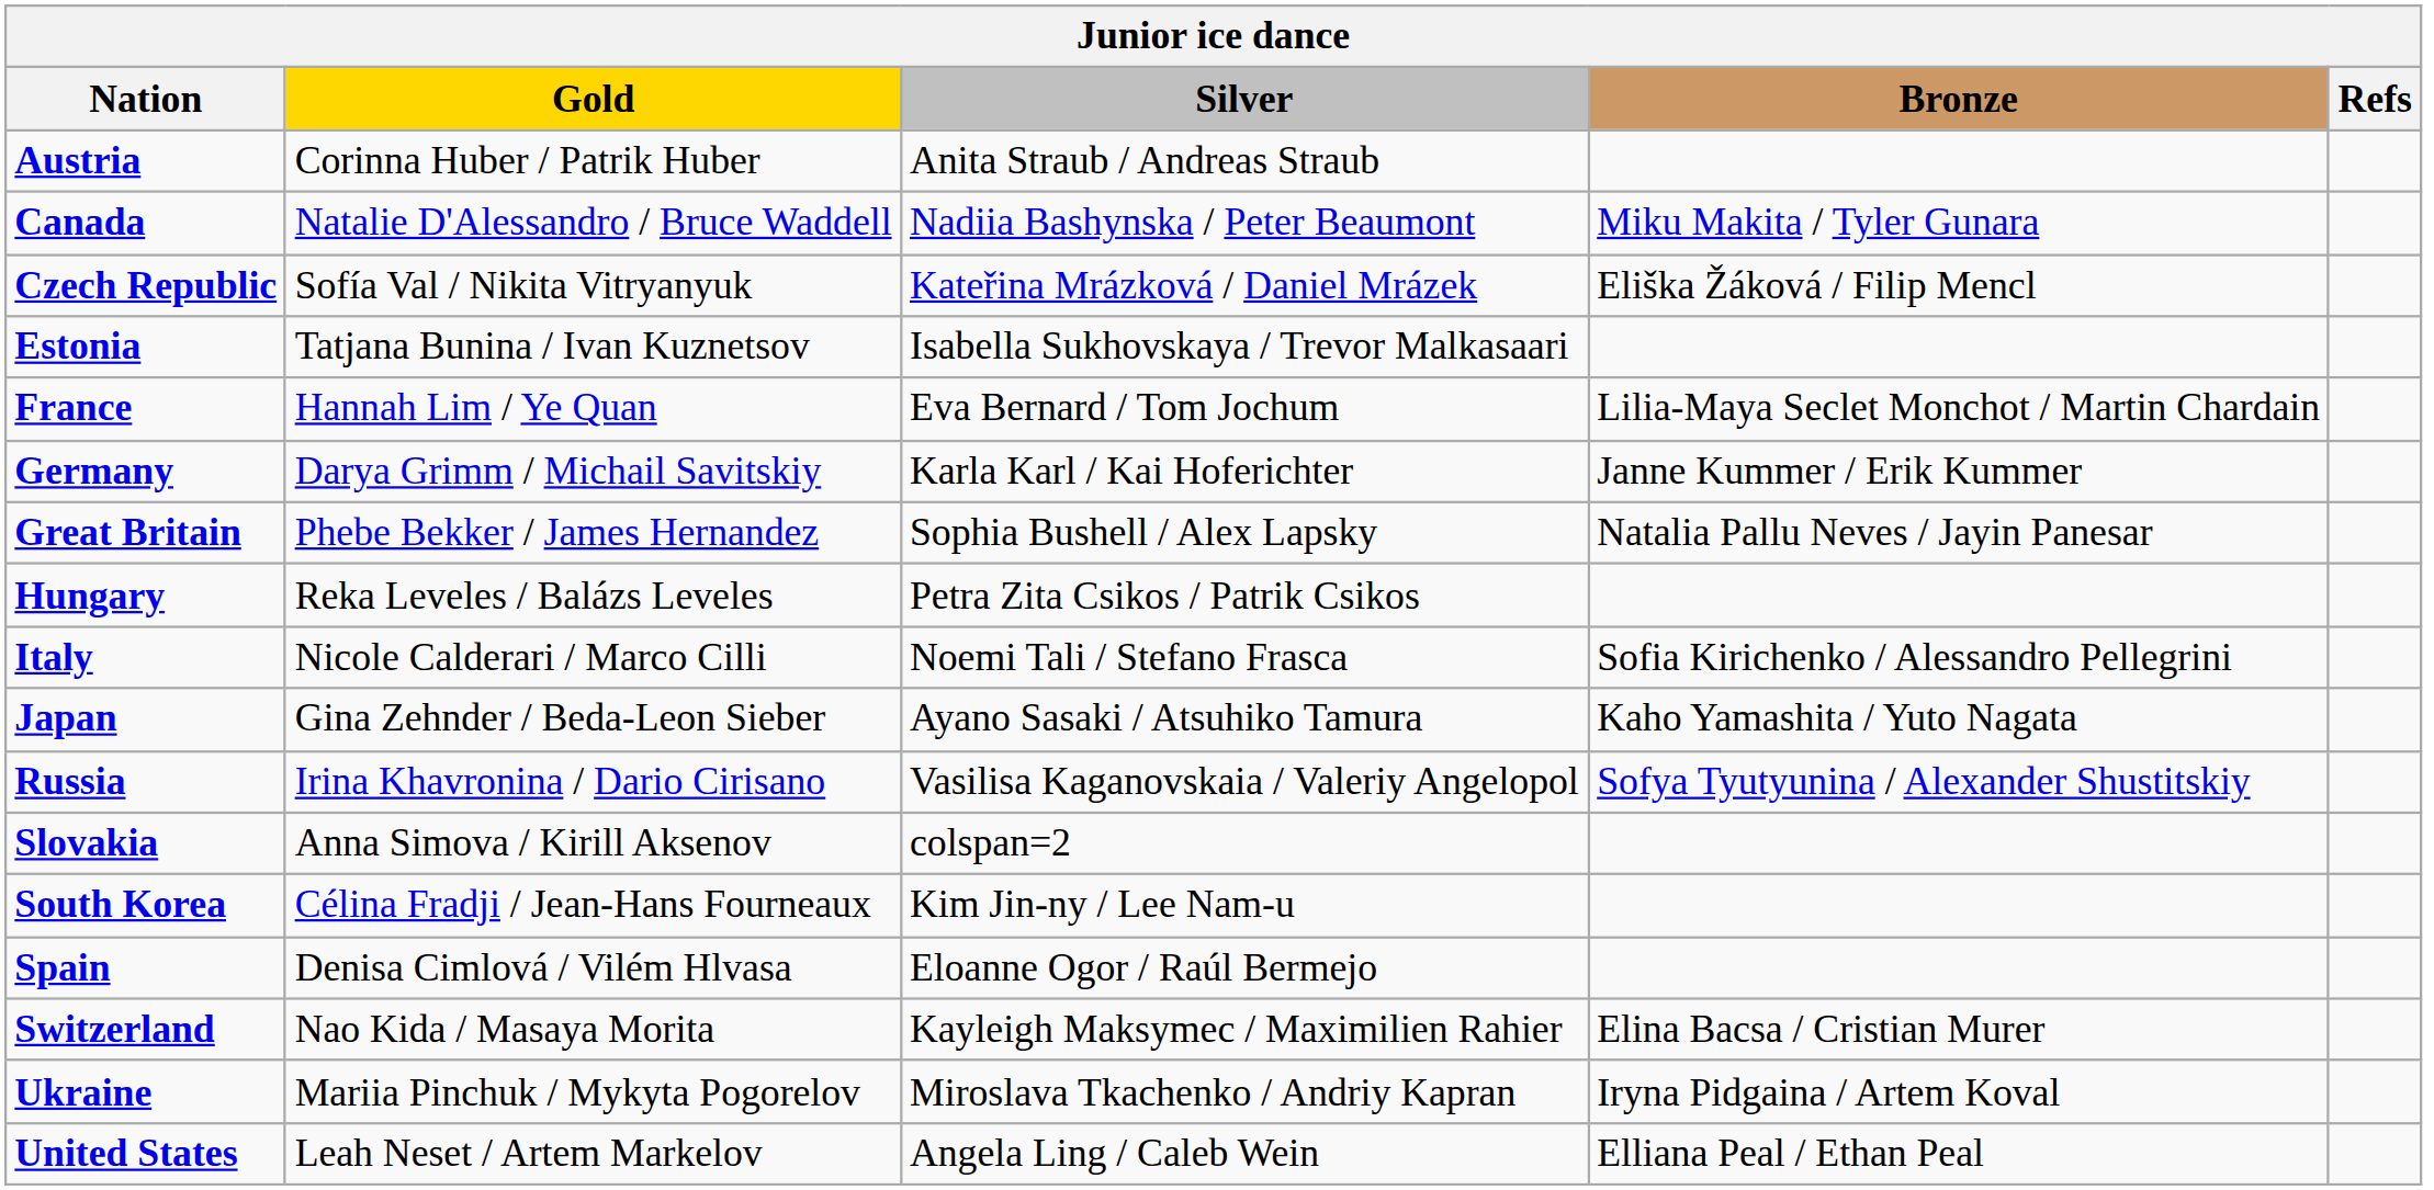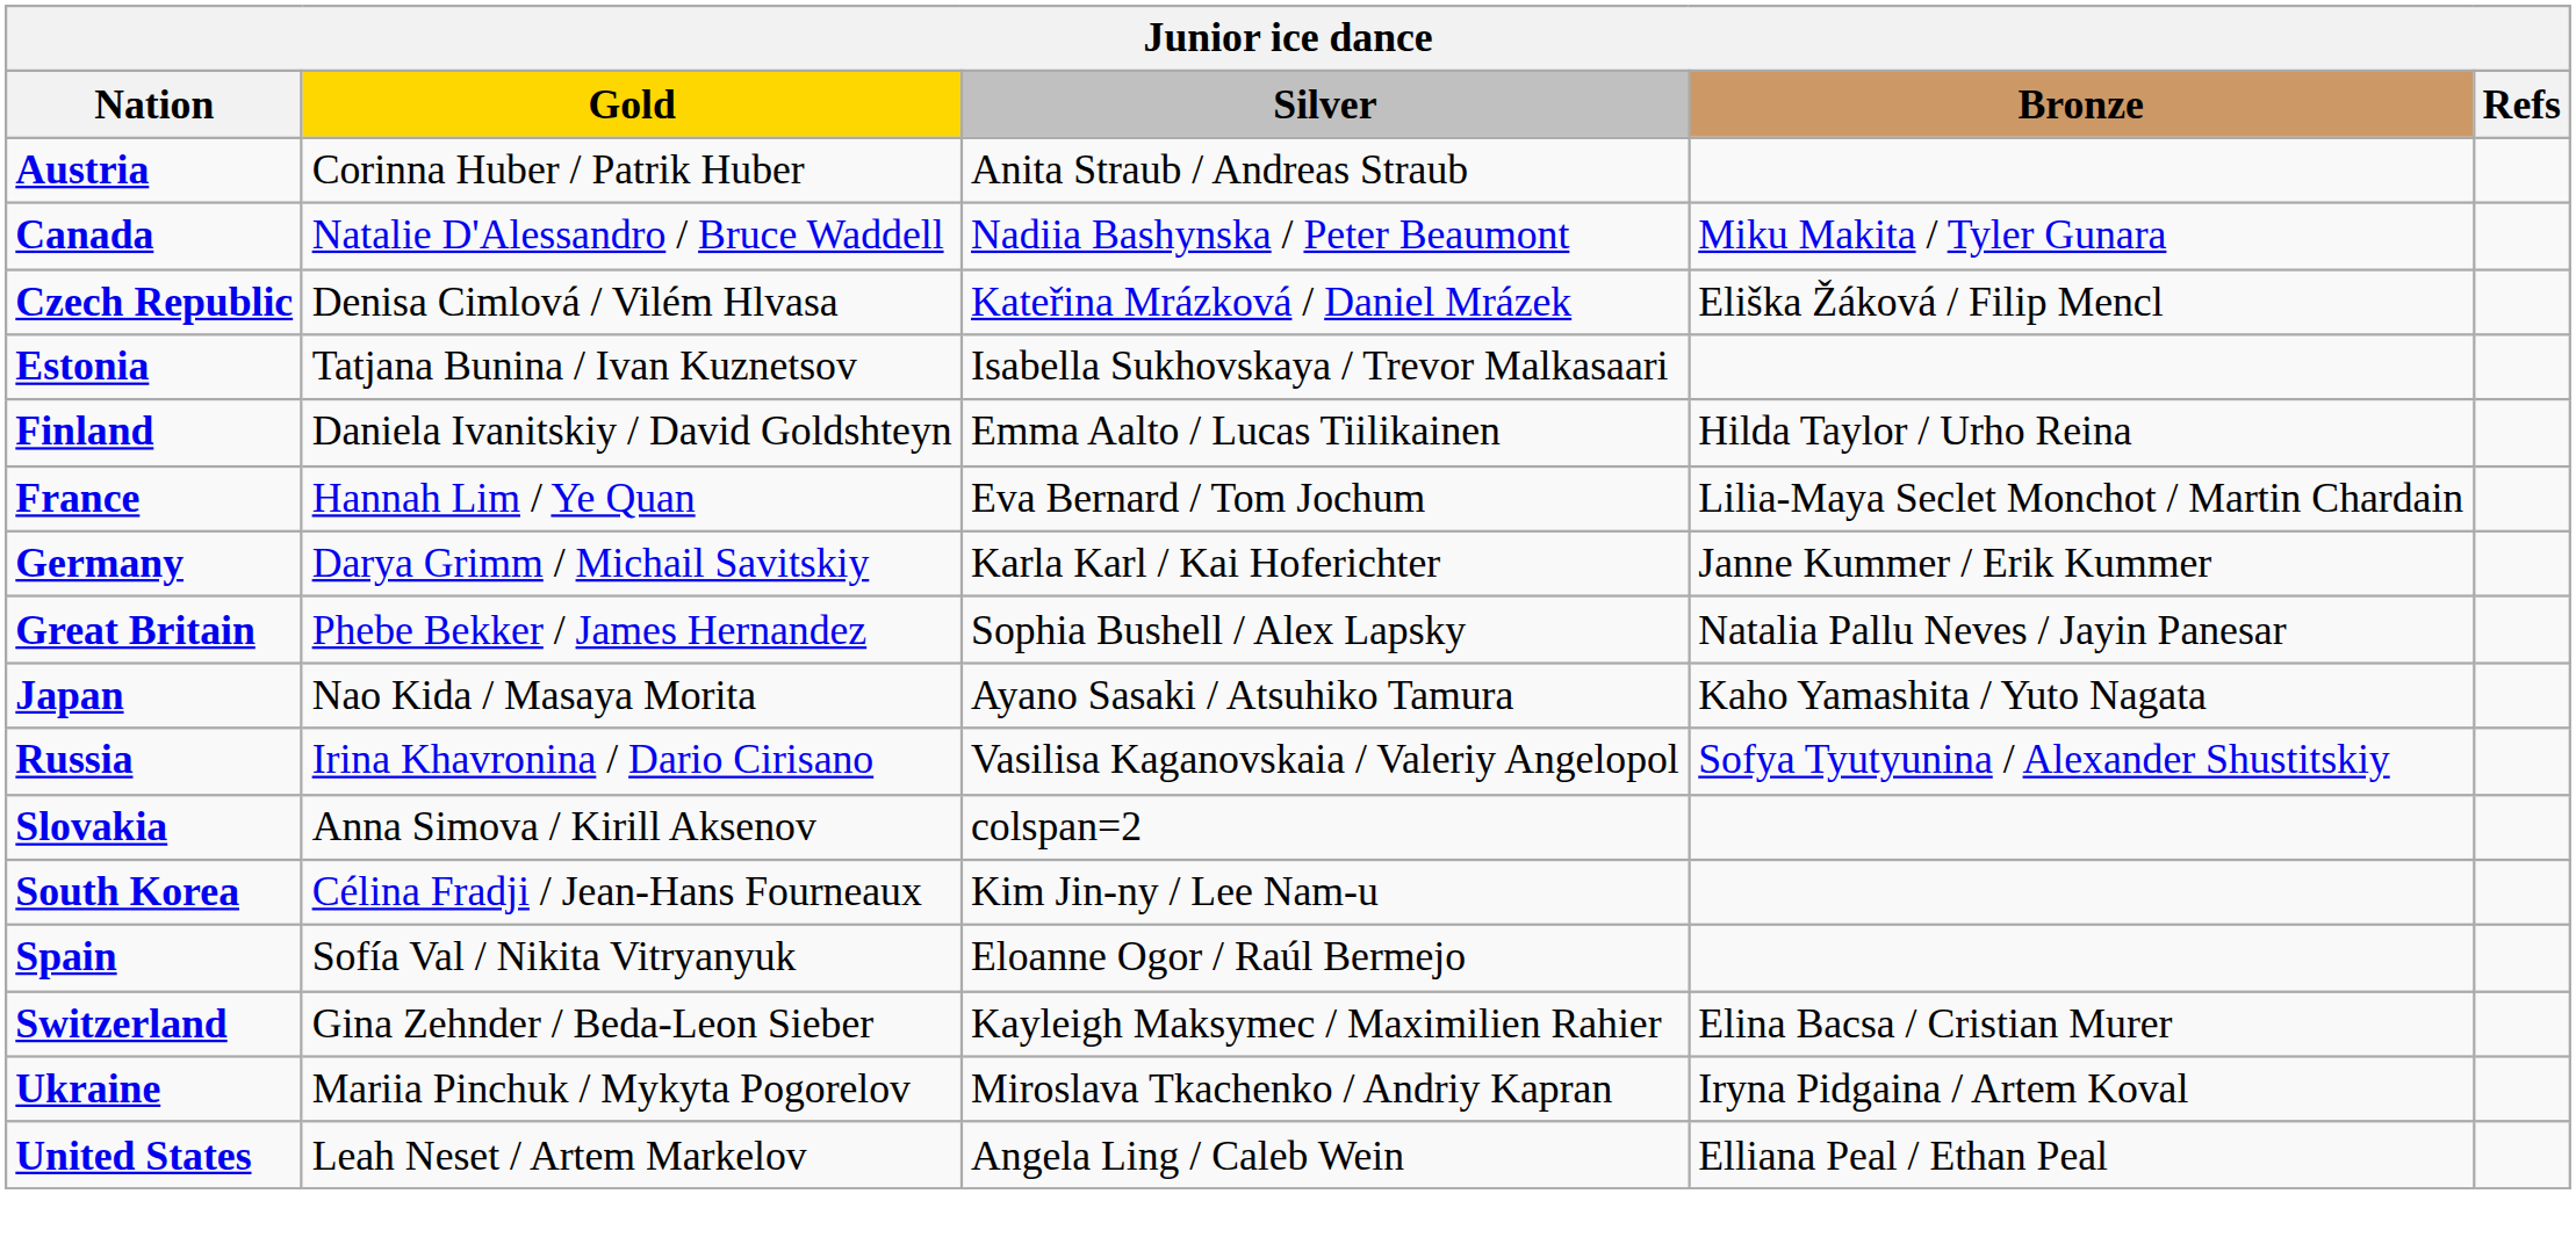 <table class="wikitable">
 <tr>
 <th colspan=5>Junior ice dance</th>
 </tr>
 <tr>
 <th>Nation</th>
 <td style="text-align:center; background:gold;"><strong>Gold</strong></td>
 <td style="text-align:center; background:silver;"><strong>Silver</strong></td>
 <td style="text-align:center; background:#c96;"><strong>Bronze</strong></td>
 <th>Refs</th>
 </tr>
 <tr>
 <td><strong> <a href='#'>Austria</a></strong></td>
 <td>Corinna Huber / Patrik Huber</td>
 <td>Anita Straub / Andreas Straub</td>
 <td></td>
 <td></td>
 </tr>
 <tr>
 <td><strong> <a href='#'>Canada</a></strong></td>
 <td><a href='#'>Natalie D'Alessandro</a> / <a href='#'>Bruce Waddell</a></td>
 <td><a href='#'>Nadiia Bashynska</a> / <a href='#'>Peter Beaumont</a></td>
 <td><a href='#'>Miku Makita</a> / <a href='#'>Tyler Gunara</a></td>
 <td></td>
 </tr>
 <tr>
 <td><strong> <a href='#'>Czech Republic</a></strong></td>
-<td>Sofía Val / Nikita Vitryanyuk</td>
+<td>Denisa Cimlová / Vilém Hlvasa</td>
 <td><a href='#'>Kateřina Mrázková</a> / <a href='#'>Daniel Mrázek</a></td>
 <td>Eliška Žáková / Filip Mencl</td>
 <td></td>
 </tr>
 <tr>
 <td><strong> <a href='#'>Estonia</a></strong></td>
 <td>Tatjana Bunina / Ivan Kuznetsov</td>
 <td>Isabella Sukhovskaya / Trevor Malkasaari</td>
 <td></td>
+<td></td>
+</tr>
+<tr>
+<td><strong> <a href='#'>Finland</a></strong></td>
+<td>Daniela Ivanitskiy / David Goldshteyn</td>
+<td>Emma Aalto / Lucas Tiilikainen</td>
+<td>Hilda Taylor / Urho Reina</td>
 <td></td>
 </tr>
 <tr>
 <td><strong> <a href='#'>France</a></strong></td>
 <td><a href='#'>Hannah Lim</a> / <a href='#'>Ye Quan</a></td>
 <td>Eva Bernard / Tom Jochum</td>
 <td>Lilia-Maya Seclet Monchot / Martin Chardain</td>
 <td></td>
 </tr>
 <tr>
 <td><strong> <a href='#'>Germany</a></strong></td>
 <td><a href='#'>Darya Grimm</a> / <a href='#'>Michail Savitskiy</a></td>
 <td>Karla Karl / Kai Hoferichter</td>
 <td>Janne Kummer / Erik Kummer</td>
 <td></td>
 </tr>
 <tr>
 <td><strong> <a href='#'>Great Britain</a></strong></td>
 <td><a href='#'>Phebe Bekker</a> / <a href='#'>James Hernandez</a></td>
 <td>Sophia Bushell / Alex Lapsky</td>
 <td>Natalia Pallu Neves / Jayin Panesar</td>
 <td></td>
 </tr>
 <tr>
-<td><strong> <a href='#'>Hungary</a></strong></td>
-<td>Reka Leveles / Balázs Leveles</td>
-<td>Petra Zita Csikos / Patrik Csikos</td>
-<td></td>
-<td></td>
-</tr>
-<tr>
-<td><strong> <a href='#'>Italy</a></strong></td>
-<td>Nicole Calderari / Marco Cilli</td>
-<td>Noemi Tali / Stefano Frasca</td>
-<td>Sofia Kirichenko / Alessandro Pellegrini</td>
-<td></td>
-</tr>
-<tr>
 <td><strong> <a href='#'>Japan</a></strong></td>
-<td>Gina Zehnder / Beda-Leon Sieber</td>
+<td>Nao Kida / Masaya Morita</td>
 <td>Ayano Sasaki / Atsuhiko Tamura</td>
 <td>Kaho Yamashita / Yuto Nagata</td>
 <td></td>
 </tr>
 <tr>
 <td><strong> <a href='#'>Russia</a></strong></td>
 <td><a href='#'>Irina Khavronina</a> / <a href='#'>Dario Cirisano</a></td>
 <td>Vasilisa Kaganovskaia / Valeriy Angelopol</td>
 <td><a href='#'>Sofya Tyutyunina</a> / <a href='#'>Alexander Shustitskiy</a></td>
 <td></td>
 </tr>
 <tr>
 <td><strong> <a href='#'>Slovakia</a></strong></td>
 <td>Anna Simova / Kirill Aksenov</td>
 <td>colspan=2 </td>
 <td></td>
 </tr>
 <tr>
 <td><strong> <a href='#'>South Korea</a></strong></td>
 <td><a href='#'>Célina Fradji</a> / Jean-Hans Fourneaux</td>
 <td>Kim Jin-ny / Lee Nam-u</td>
 <td></td>
 <td></td>
 </tr>
 <tr>
 <td><strong> <a href='#'>Spain</a></strong></td>
-<td>Denisa Cimlová / Vilém Hlvasa</td>
+<td>Sofía Val / Nikita Vitryanyuk</td>
 <td>Eloanne Ogor / Raúl Bermejo</td>
 <td></td>
 <td></td>
 </tr>
 <tr>
 <td><strong> <a href='#'>Switzerland</a></strong></td>
-<td>Nao Kida / Masaya Morita</td>
+<td>Gina Zehnder / Beda-Leon Sieber</td>
 <td>Kayleigh Maksymec / Maximilien Rahier</td>
 <td>Elina Bacsa / Cristian Murer</td>
 <td></td>
 </tr>
 <tr>
 <td><strong> <a href='#'>Ukraine</a></strong></td>
 <td>Mariia Pinchuk / Mykyta Pogorelov</td>
 <td>Miroslava Tkachenko / Andriy Kapran</td>
 <td>Iryna Pidgaina / Artem Koval</td>
 <td></td>
 </tr>
 <tr>
 <td><strong> <a href='#'>United States</a></strong></td>
 <td>Leah Neset / Artem Markelov</td>
 <td>Angela Ling / Caleb Wein</td>
 <td>Elliana Peal / Ethan Peal</td>
 <td></td>
 </tr>
 </table>
